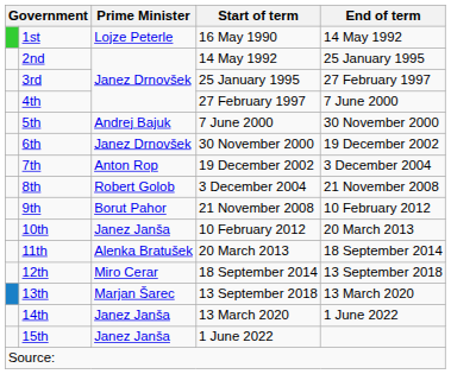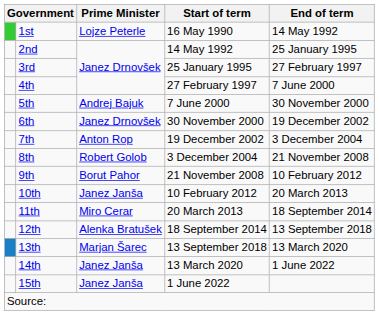 <table class="wikitable">
 <tr>
 <th colspan="2" class="unsortable" width="6px">Government</th>
 <th>Prime Minister</th>
 <th>Start of term</th>
 <th>End of term</th>
 </tr>
 <tr>
 <td style="background:limegreen;"></td>
 <td><a href='#'>1st</a></td>
 <td><a href='#'>Lojze Peterle</a></td>
 <td>16 May 1990</td>
 <td>14 May 1992</td>
 </tr>
 <tr>
 <td style="background-color: "></td>
 <td><a href='#'>2nd</a></td>
 <td rowspan="3"><a href='#'>Janez Drnovšek</a></td>
 <td>14 May 1992</td>
 <td>25 January 1995</td>
 </tr>
 <tr>
 <td style="background-color: "></td>
 <td><a href='#'>3rd</a></td>
 <td>25 January 1995</td>
 <td>27 February 1997</td>
 </tr>
 <tr>
 <td style="background-color: "></td>
 <td><a href='#'>4th</a></td>
 <td>27 February 1997</td>
 <td>7 June 2000</td>
 </tr>
 <tr>
 <td style="background-color: "></td>
 <td><a href='#'>5th</a></td>
 <td><a href='#'>Andrej Bajuk</a></td>
 <td>7 June 2000</td>
 <td>30 November 2000</td>
 </tr>
 <tr>
 <td style="background-color: "></td>
 <td><a href='#'>6th</a></td>
 <td><a href='#'>Janez Drnovšek</a></td>
 <td>30 November 2000</td>
 <td>19 December 2002</td>
 </tr>
 <tr>
 <td style="background-color: "></td>
 <td><a href='#'>7th</a></td>
 <td><a href='#'>Anton Rop</a></td>
 <td>19 December 2002</td>
 <td>3 December 2004</td>
 </tr>
 <tr>
 <td style="background-color: "></td>
 <td><a href='#'>8th</a></td>
 <td><a href='#'>Robert Golob</a></td>
 <td>3 December 2004</td>
 <td>21 November 2008</td>
 </tr>
 <tr>
 <td style="background-color: "></td>
 <td><a href='#'>9th</a></td>
 <td><a href='#'>Borut Pahor</a></td>
 <td>21 November 2008</td>
 <td>10 February 2012</td>
 </tr>
 <tr>
 <td style="background-color: "></td>
 <td><a href='#'>10th</a></td>
 <td><a href='#'>Janez Janša</a></td>
 <td>10 February 2012</td>
 <td>20 March 2013</td>
 </tr>
 <tr>
 <td style="background-color: "></td>
 <td><a href='#'>11th</a></td>
-<td><a href='#'>Alenka Bratušek</a></td>
+<td><a href='#'>Miro Cerar</a></td>
 <td>20 March 2013</td>
 <td>18 September 2014</td>
 </tr>
 <tr>
 <td style="background-color: "></td>
 <td><a href='#'>12th</a></td>
-<td><a href='#'>Miro Cerar</a></td>
+<td><a href='#'>Alenka Bratušek</a></td>
 <td>18 September 2014</td>
 <td>13 September 2018</td>
 </tr>
 <tr>
 <td style="background:#1980C7;"></td>
 <td><a href='#'>13th</a></td>
 <td><a href='#'>Marjan Šarec</a></td>
 <td>13 September 2018</td>
 <td>13 March 2020</td>
 </tr>
 <tr>
 <td style="background-color: "></td>
 <td><a href='#'>14th</a></td>
 <td><a href='#'>Janez Janša</a></td>
 <td>13 March 2020</td>
 <td>1 June 2022</td>
 </tr>
 <tr>
 <td></td>
 <td><a href='#'>15th</a></td>
 <td><a href='#'>Janez Janša</a></td>
 <td>1 June 2022</td>
 <td></td>
 </tr>
 <tr>
 <td colspan="5">Source: </td>
 </tr>
 </table>
